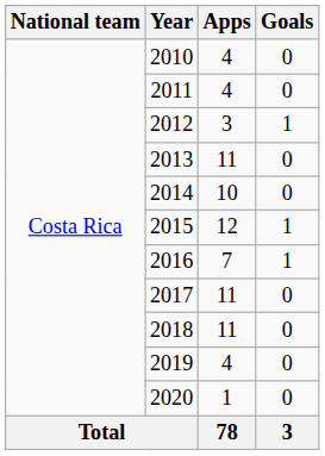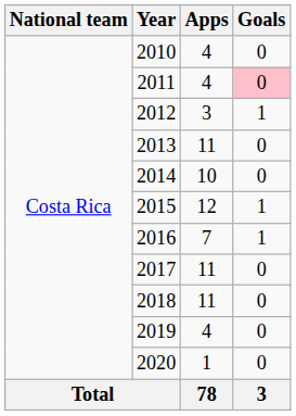 <table class="wikitable" style="text-align:center">
 <tr>
 <th>National team</th>
 <th>Year</th>
 <th>Apps</th>
 <th>Goals</th>
 </tr>
 <tr>
 <td rowspan="11"><a href='#'>Costa Rica</a></td>
 <td>2010</td>
 <td>4</td>
 <td>0</td>
 </tr>
 <tr>
 <td>2011</td>
 <td>4</td>
-<td>0</td>
+<td style="background: pink;">0</td>
 </tr>
 <tr>
 <td>2012</td>
 <td>3</td>
 <td>1</td>
 </tr>
 <tr>
 <td>2013</td>
 <td>11</td>
 <td>0</td>
 </tr>
 <tr>
 <td>2014</td>
 <td>10</td>
 <td>0</td>
 </tr>
 <tr>
 <td>2015</td>
 <td>12</td>
 <td>1</td>
 </tr>
 <tr>
 <td>2016</td>
 <td>7</td>
 <td>1</td>
 </tr>
 <tr>
 <td>2017</td>
 <td>11</td>
 <td>0</td>
 </tr>
 <tr>
 <td>2018</td>
 <td>11</td>
 <td>0</td>
 </tr>
 <tr>
 <td>2019</td>
 <td>4</td>
 <td>0</td>
 </tr>
 <tr>
 <td>2020</td>
 <td>1</td>
 <td>0</td>
 </tr>
 <tr>
 <th colspan="2">Total</th>
 <th>78</th>
 <th>3</th>
 </tr>
 </table>
